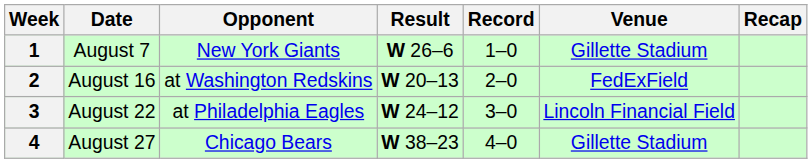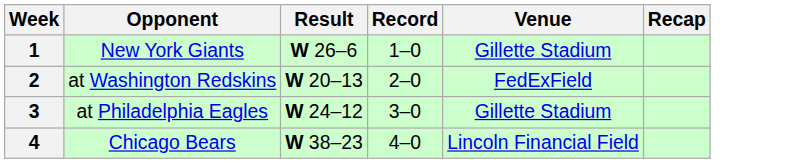 <table class="wikitable" style="text-align:center">
 <tr>
 <th>Week</th>
-<th>Date</th>
 <th>Opponent</th>
 <th>Result</th>
 <th>Record</th>
 <th>Venue</th>
 <th>Recap</th>
 </tr>
 <tr style="background:#cfc">
 <th>1</th>
-<td>August 7</td>
 <td><a href='#'>New York Giants</a></td>
 <td><strong>W</strong>  26–6</td>
 <td>1–0</td>
 <td><a href='#'>Gillette Stadium</a></td>
 <td></td>
 </tr>
 <tr style="background:#cfc">
 <th>2</th>
-<td>August 16</td>
 <td>at <a href='#'>Washington Redskins</a></td>
 <td><strong>W</strong>  20–13</td>
 <td>2–0</td>
 <td><a href='#'>FedExField</a></td>
 <td></td>
 </tr>
 <tr style="background:#cfc">
 <th>3</th>
-<td>August 22</td>
 <td>at <a href='#'> Philadelphia Eagles</a></td>
 <td><strong>W</strong> 24–12</td>
 <td>3–0</td>
-<td><a href='#'>Lincoln Financial Field</a></td>
+<td><a href='#'>Gillette Stadium</a></td>
 <td></td>
 </tr>
 <tr style="background:#cfc">
 <th>4</th>
-<td>August 27</td>
 <td><a href='#'>Chicago Bears</a></td>
 <td><strong>W</strong> 38–23</td>
 <td>4–0</td>
-<td><a href='#'>Gillette Stadium</a></td>
+<td><a href='#'>Lincoln Financial Field</a></td>
 <td></td>
 </tr>
 </table>
